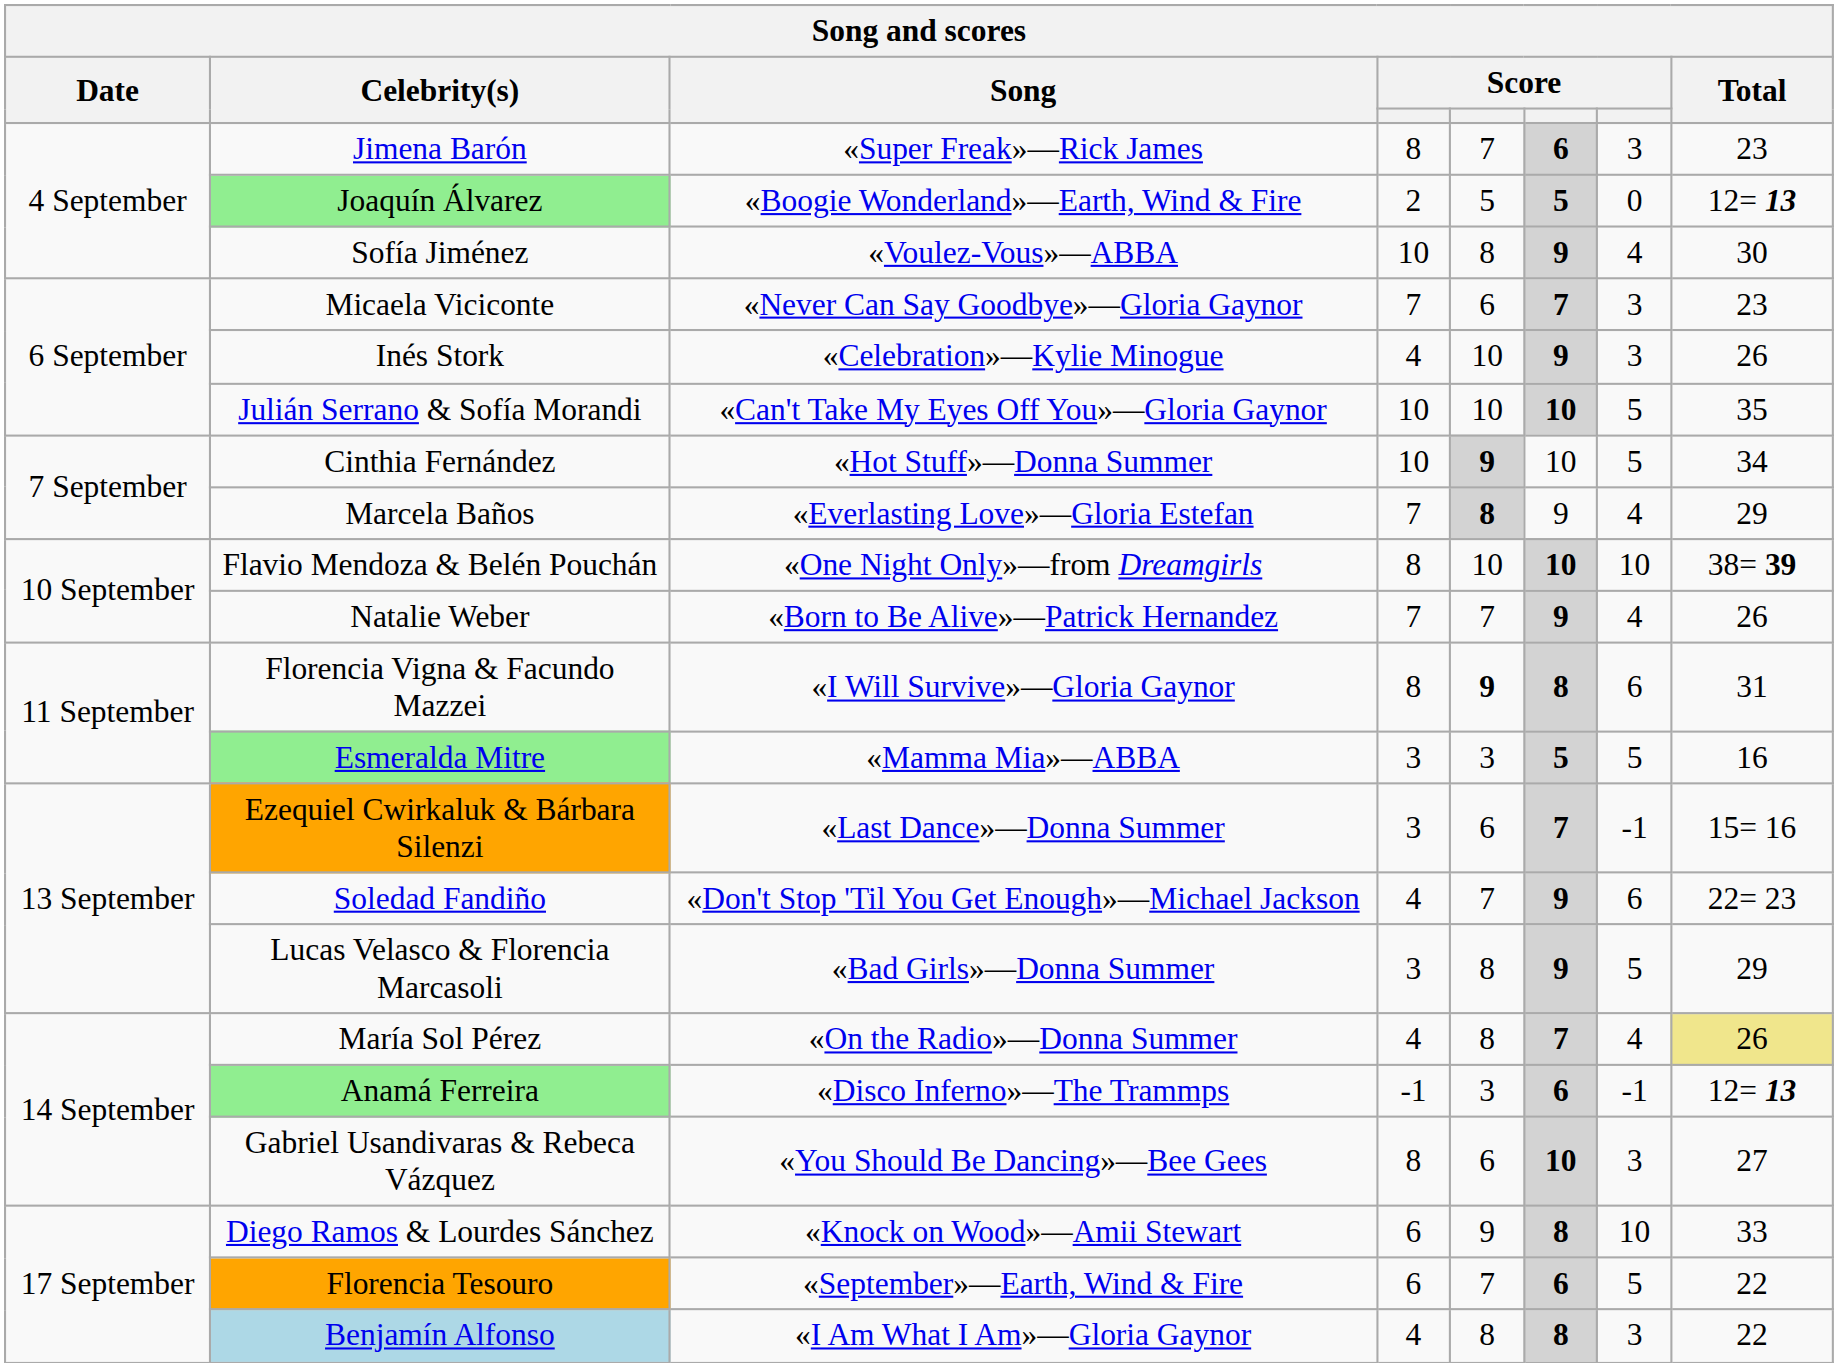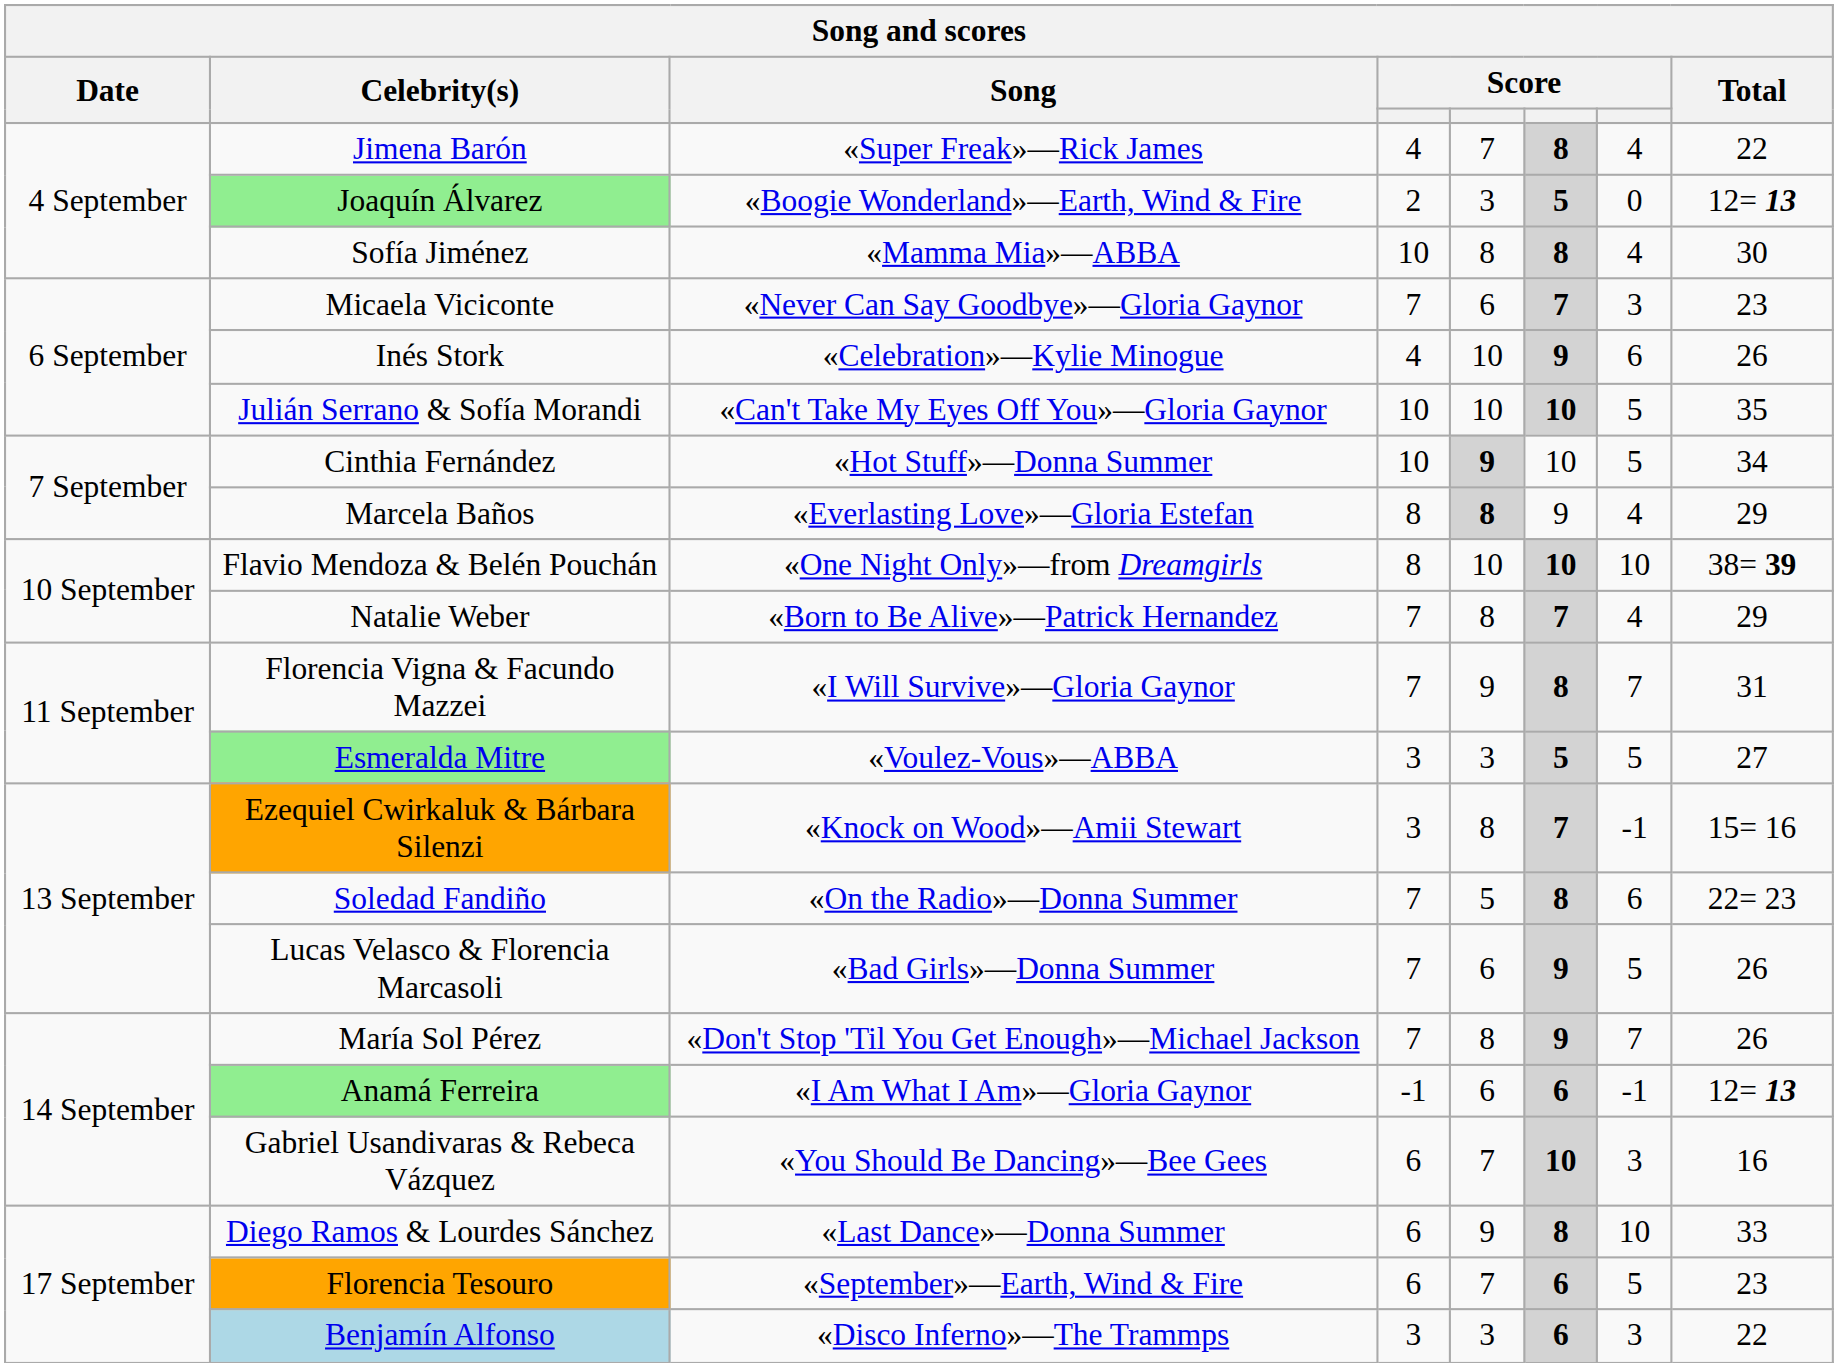 <table class="wikitable collapsible collapsed" style="font-size:95%; text-align: center; width: 100%;">
 <tr>
 <th colspan="11" style="with: 100%;" align=center>Song and scores</th>
 </tr>
 <tr>
 <th rowspan="2" width=95>Date</th>
 <th rowspan="2" width=230>Celebrity(s)</th>
 <th rowspan="2" width=360>Song</th>
 <th colspan="4">Score</th>
 <th rowspan="2" width=75>Total</th>
 </tr>
 <tr>
 <th width=30></th>
 <th width=30></th>
 <th width=30></th>
 <th width=30></th>
 </tr>
 <tr>
 <td rowspan="3">4 September</td>
 <td bgcolor=""><a href='#'>Jimena Barón</a></td>
 <td>«<a href='#'>Super Freak</a>»—<a href='#'>Rick James</a></td>
-<td>8</td>
+<td>4</td>
 <td>7</td>
-<td bgcolor="lightgrey"><strong>6</strong></td>
-<td>3</td>
-<td>23</td>
+<td bgcolor="lightgrey"><strong>8</strong></td>
+<td>4</td>
+<td>22</td>
 </tr>
 <tr>
 <td bgcolor="lightgreen">Joaquín Álvarez</td>
 <td>«<a href='#'>Boogie Wonderland</a>»—<a href='#'>Earth, Wind & Fire</a></td>
 <td>2</td>
-<td>5</td>
+<td>3</td>
 <td bgcolor="lightgrey"><strong>5</strong></td>
 <td>0</td>
 <td>12= <span><strong><em>13</em></strong></span></td>
 </tr>
 <tr>
 <td bgcolor="">Sofía Jiménez</td>
-<td>«<a href='#'>Voulez-Vous</a>»—<a href='#'>ABBA</a></td>
+<td>«<a href='#'>Mamma Mia</a>»—<a href='#'>ABBA</a></td>
 <td>10</td>
 <td>8</td>
-<td bgcolor="lightgrey"><strong>9</strong></td>
+<td bgcolor="lightgrey"><strong>8</strong></td>
 <td>4</td>
 <td>30</td>
 </tr>
 <tr>
 <td rowspan="3">6 September</td>
 <td bgcolor="">Micaela Viciconte</td>
 <td>«<a href='#'>Never Can Say Goodbye</a>»—<a href='#'>Gloria Gaynor</a></td>
 <td>7</td>
 <td>6</td>
 <td bgcolor="lightgrey"><strong>7</strong></td>
 <td>3</td>
 <td>23</td>
 </tr>
 <tr>
 <td bgcolor="">Inés Stork</td>
 <td>«<a href='#'>Celebration</a>»—<a href='#'>Kylie Minogue</a></td>
 <td>4</td>
 <td>10</td>
 <td bgcolor="lightgrey"><strong>9</strong></td>
-<td>3</td>
+<td>6</td>
 <td>26</td>
 </tr>
 <tr>
 <td bgcolor=""><a href='#'>Julián Serrano</a> & Sofía Morandi</td>
 <td>«<a href='#'>Can't Take My Eyes Off You</a>»—<a href='#'>Gloria Gaynor</a></td>
 <td>10</td>
 <td>10</td>
 <td bgcolor="lightgrey"><strong>10</strong></td>
 <td>5</td>
 <td>35</td>
 </tr>
 <tr>
 <td rowspan="2">7 September</td>
 <td bgcolor="">Cinthia Fernández</td>
 <td>«<a href='#'>Hot Stuff</a>»—<a href='#'>Donna Summer</a></td>
 <td>10</td>
 <td bgcolor="lightgrey"><strong>9</strong></td>
 <td>10</td>
 <td>5</td>
 <td>34</td>
 </tr>
 <tr>
 <td bgcolor="">Marcela Baños</td>
 <td>«<a href='#'>Everlasting Love</a>»—<a href='#'>Gloria Estefan</a></td>
-<td>7</td>
+<td>8</td>
 <td bgcolor="lightgrey"><strong>8</strong></td>
 <td>9</td>
 <td>4</td>
 <td>29</td>
 </tr>
 <tr>
 <td rowspan="2">10 September</td>
 <td bgcolor="">Flavio Mendoza & Belén Pouchán</td>
 <td>«<a href='#'>One Night Only</a>»—from <em><a href='#'>Dreamgirls</a></em></td>
 <td>8</td>
 <td>10</td>
 <td bgcolor="lightgrey"><strong>10</strong></td>
 <td>10</td>
 <td>38= <span><strong>39</strong></span></td>
 </tr>
 <tr>
 <td bgcolor="">Natalie Weber</td>
 <td>«<a href='#'>Born to Be Alive</a>»—<a href='#'>Patrick Hernandez</a></td>
 <td>7</td>
-<td>7</td>
-<td bgcolor="lightgrey"><strong>9</strong></td>
+<td>8</td>
+<td bgcolor="lightgrey"><strong>7</strong></td>
 <td>4</td>
-<td>26</td>
+<td>29</td>
 </tr>
 <tr>
 <td rowspan="2">11 September</td>
 <td bgcolor="">Florencia Vigna & Facundo Mazzei</td>
 <td>«<a href='#'>I Will Survive</a>»—<a href='#'>Gloria Gaynor</a></td>
-<td>8</td>
-<td><strong>9</strong></td>
+<td>7</td>
+<td>9</td>
 <td bgcolor="lightgrey"><strong>8</strong></td>
-<td>6</td>
+<td>7</td>
 <td>31</td>
 </tr>
 <tr>
 <td bgcolor="lightgreen"><a href='#'>Esmeralda Mitre</a></td>
-<td>«<a href='#'>Mamma Mia</a>»—<a href='#'>ABBA</a></td>
+<td>«<a href='#'>Voulez-Vous</a>»—<a href='#'>ABBA</a></td>
 <td>3</td>
 <td>3</td>
 <td bgcolor="lightgrey"><strong>5</strong></td>
 <td>5</td>
-<td>16</td>
+<td>27</td>
 </tr>
 <tr>
 <td rowspan="3">13 September</td>
 <td bgcolor="orange">Ezequiel Cwirkaluk & Bárbara Silenzi</td>
-<td>«<a href='#'>Last Dance</a>»—<a href='#'>Donna Summer</a></td>
+<td>«<a href='#'>Knock on Wood</a>»—<a href='#'>Amii Stewart</a></td>
 <td>3</td>
-<td>6</td>
+<td>8</td>
 <td bgcolor="lightgrey"><strong>7</strong></td>
 <td>-1</td>
 <td>15= 16</td>
 </tr>
 <tr>
 <td bgcolor=""><a href='#'>Soledad Fandiño</a></td>
-<td>«<a href='#'>Don't Stop 'Til You Get Enough</a>»—<a href='#'>Michael Jackson</a></td>
-<td>4</td>
+<td>«<a href='#'>On the Radio</a>»—<a href='#'>Donna Summer</a></td>
 <td>7</td>
-<td bgcolor="lightgrey"><strong>9</strong></td>
+<td>5</td>
+<td bgcolor="lightgrey"><strong>8</strong></td>
 <td>6</td>
 <td>22= 23</td>
 </tr>
 <tr>
 <td bgcolor="">Lucas Velasco & Florencia Marcasoli</td>
 <td>«<a href='#'>Bad Girls</a>»—<a href='#'>Donna Summer</a></td>
-<td>3</td>
-<td>8</td>
+<td>7</td>
+<td>6</td>
 <td bgcolor="lightgrey"><strong>9</strong></td>
 <td>5</td>
-<td>29</td>
+<td>26</td>
 </tr>
 <tr>
 <td rowspan="3">14 September</td>
 <td bgcolor="">María Sol Pérez</td>
-<td>«<a href='#'>On the Radio</a>»—<a href='#'>Donna Summer</a></td>
-<td>4</td>
+<td>«<a href='#'>Don't Stop 'Til You Get Enough</a>»—<a href='#'>Michael Jackson</a></td>
+<td>7</td>
 <td>8</td>
-<td bgcolor="lightgrey"><strong>7</strong></td>
-<td>4</td>
-<td style="background: khaki;">26</td>
+<td bgcolor="lightgrey"><strong>9</strong></td>
+<td>7</td>
+<td>26</td>
 </tr>
 <tr>
 <td bgcolor="lightgreen">Anamá Ferreira</td>
-<td>«<a href='#'>Disco Inferno</a>»—<a href='#'>The Trammps</a></td>
+<td>«<a href='#'>I Am What I Am</a>»—<a href='#'>Gloria Gaynor</a></td>
 <td>-1</td>
-<td>3</td>
+<td>6</td>
 <td bgcolor="lightgrey"><strong>6</strong></td>
 <td>-1</td>
 <td>12= <span><strong><em>13</em></strong></span></td>
 </tr>
 <tr>
 <td bgcolor="">Gabriel Usandivaras & Rebeca Vázquez</td>
 <td>«<a href='#'>You Should Be Dancing</a>»—<a href='#'>Bee Gees</a></td>
-<td>8</td>
 <td>6</td>
+<td>7</td>
 <td bgcolor="lightgrey"><strong>10</strong></td>
 <td>3</td>
-<td>27</td>
+<td>16</td>
 </tr>
 <tr>
 <td rowspan="3">17 September</td>
 <td bgcolor=""><a href='#'>Diego Ramos</a> & Lourdes Sánchez</td>
-<td>«<a href='#'>Knock on Wood</a>»—<a href='#'>Amii Stewart</a></td>
+<td>«<a href='#'>Last Dance</a>»—<a href='#'>Donna Summer</a></td>
 <td>6</td>
 <td>9</td>
 <td bgcolor="lightgrey"><strong>8</strong></td>
 <td>10</td>
 <td>33</td>
 </tr>
 <tr>
 <td bgcolor="orange">Florencia Tesouro</td>
 <td>«<a href='#'>September</a>»—<a href='#'>Earth, Wind & Fire</a></td>
 <td>6</td>
 <td>7</td>
 <td bgcolor="lightgrey"><strong>6</strong></td>
 <td>5</td>
-<td>22</td>
+<td>23</td>
 </tr>
 <tr>
 <td bgcolor="lightblue"><a href='#'>Benjamín Alfonso</a></td>
-<td>«<a href='#'>I Am What I Am</a>»—<a href='#'>Gloria Gaynor</a></td>
-<td>4</td>
-<td>8</td>
-<td bgcolor="lightgrey"><strong>8</strong></td>
+<td>«<a href='#'>Disco Inferno</a>»—<a href='#'>The Trammps</a></td>
+<td>3</td>
+<td>3</td>
+<td bgcolor="lightgrey"><strong>6</strong></td>
 <td>3</td>
 <td>22</td>
 </tr>
 </table>
